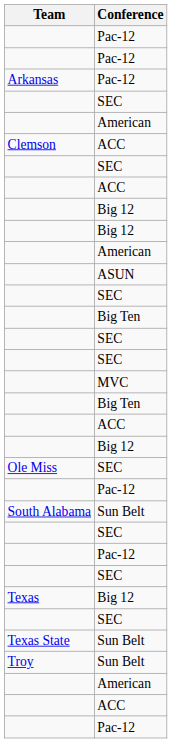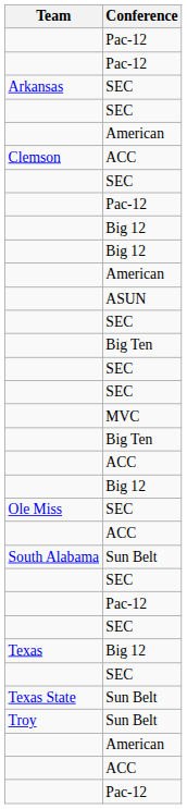 <table class="wikitable sortable">
 <tr>
 <th>Team</th>
 <th>Conference</th>
 </tr>
 <tr>
 <td></td>
 <td>Pac-12</td>
 </tr>
 <tr>
 <td></td>
 <td>Pac-12</td>
 </tr>
 <tr>
 <td><a href='#'>Arkansas</a></td>
-<td>Pac-12</td>
+<td>SEC</td>
 </tr>
 <tr>
 <td></td>
 <td>SEC</td>
 </tr>
 <tr>
 <td></td>
 <td>American</td>
 </tr>
 <tr>
 <td><a href='#'>Clemson</a></td>
 <td>ACC</td>
 </tr>
 <tr>
 <td></td>
 <td>SEC</td>
 </tr>
 <tr>
 <td></td>
-<td>ACC</td>
+<td>Pac-12</td>
 </tr>
 <tr>
 <td></td>
 <td>Big 12</td>
 </tr>
 <tr>
 <td></td>
 <td>Big 12</td>
 </tr>
 <tr>
 <td></td>
 <td>American</td>
 </tr>
 <tr>
 <td></td>
 <td>ASUN</td>
 </tr>
 <tr>
 <td></td>
 <td>SEC</td>
 </tr>
 <tr>
 <td></td>
 <td>Big Ten</td>
 </tr>
 <tr>
 <td></td>
 <td>SEC</td>
 </tr>
 <tr>
 <td></td>
 <td>SEC</td>
 </tr>
 <tr>
 <td></td>
 <td>MVC</td>
 </tr>
 <tr>
 <td></td>
 <td>Big Ten</td>
 </tr>
 <tr>
 <td></td>
 <td>ACC</td>
 </tr>
 <tr>
 <td></td>
 <td>Big 12</td>
 </tr>
 <tr>
 <td><a href='#'>Ole Miss</a></td>
 <td>SEC</td>
 </tr>
 <tr>
 <td></td>
-<td>Pac-12</td>
+<td>ACC</td>
 </tr>
 <tr>
 <td><a href='#'>South Alabama</a></td>
 <td>Sun Belt</td>
 </tr>
 <tr>
 <td></td>
 <td>SEC</td>
 </tr>
 <tr>
 <td></td>
 <td>Pac-12</td>
 </tr>
 <tr>
 <td></td>
 <td>SEC</td>
 </tr>
 <tr>
 <td><a href='#'>Texas</a></td>
 <td>Big 12</td>
 </tr>
 <tr>
 <td></td>
 <td>SEC</td>
 </tr>
 <tr>
 <td><a href='#'>Texas State</a></td>
 <td>Sun Belt</td>
 </tr>
 <tr>
 <td><a href='#'>Troy</a></td>
 <td>Sun Belt</td>
 </tr>
 <tr>
 <td></td>
 <td>American</td>
 </tr>
 <tr>
 <td></td>
 <td>ACC</td>
 </tr>
 <tr>
 <td></td>
 <td>Pac-12</td>
 </tr>
 </table>
